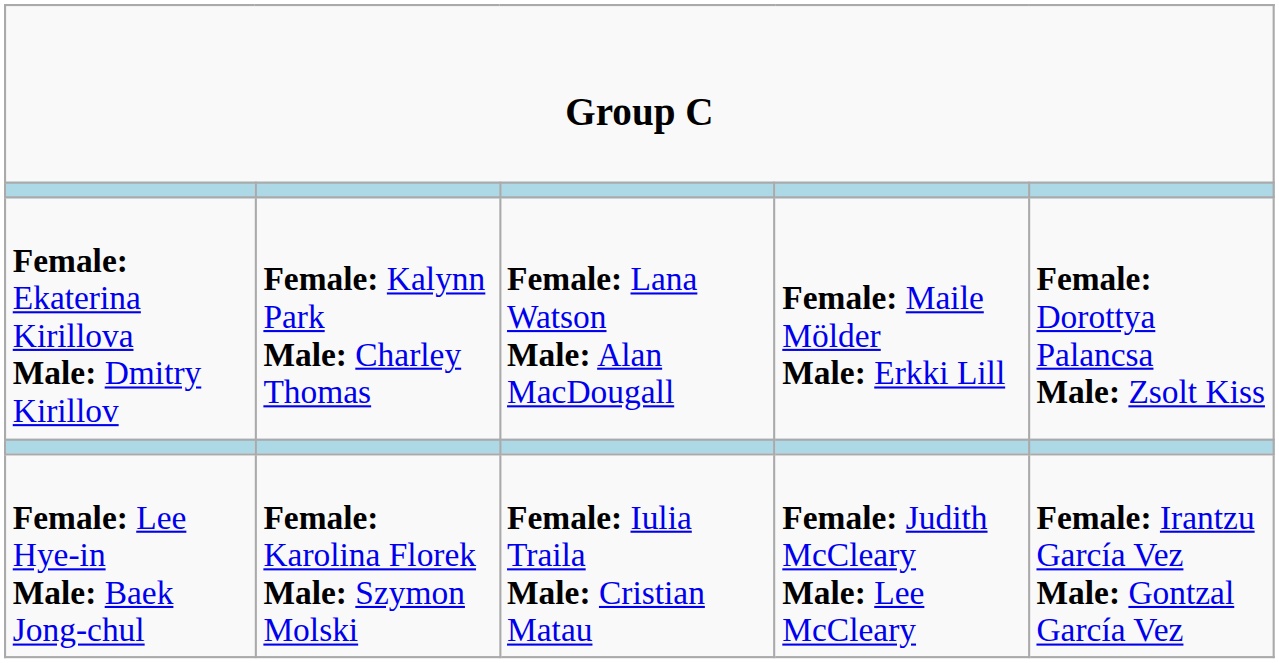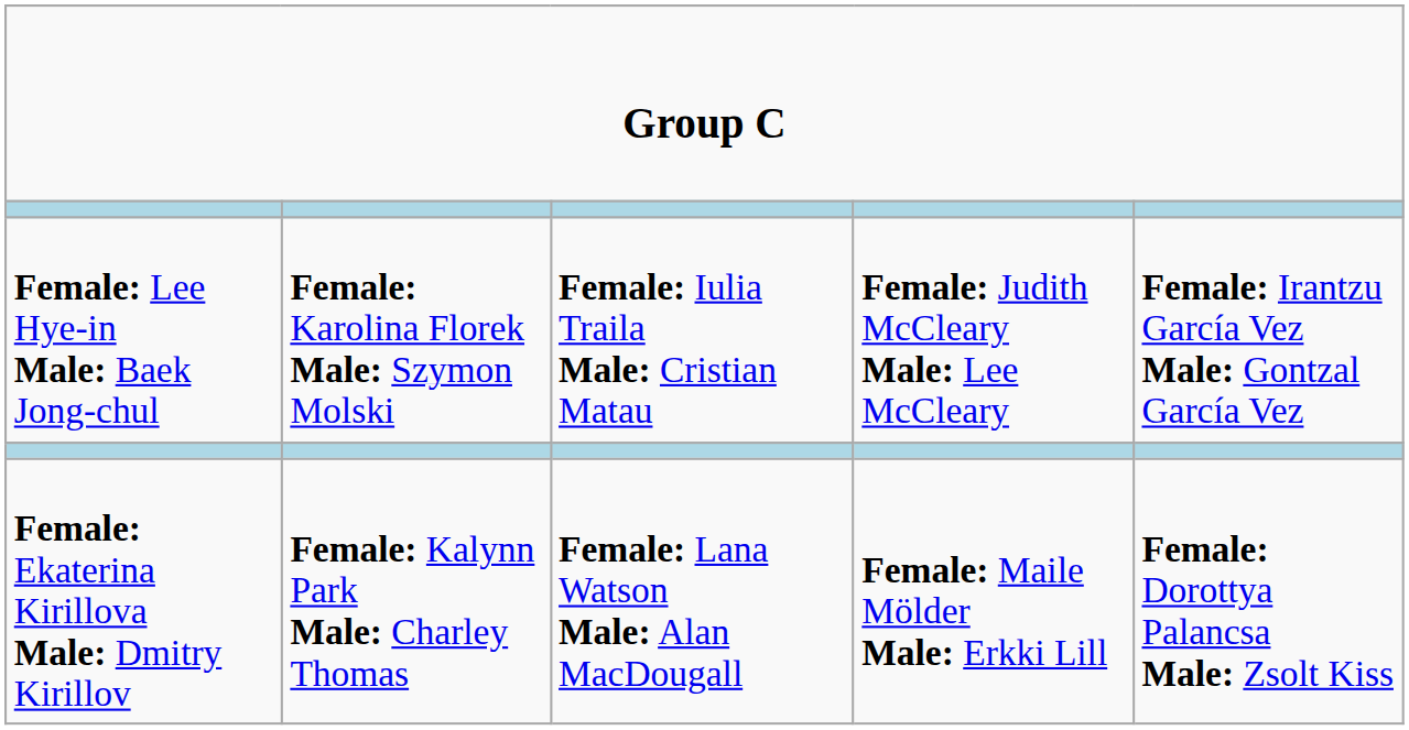 <table class="wikitable">
 <tr>
 <td align=center colspan="5"><br><h3>Group C</h3></td>
+</tr>
+<tr>
+<th style="background: #ADD8E6;" width=200></th>
+<th style="background: #ADD8E6;" width=200></th>
+<th style="background: #ADD8E6;" width=200></th>
+<th style="background: #ADD8E6;" width=200></th>
+<th style="background: #ADD8E6;" width=200></th>
+</tr>
+<tr>
+<td><br><strong>Female:</strong> <a href='#'>Lee Hye-in</a><br>  <strong>Male:</strong> <a href='#'>Baek Jong-chul</a></td>
+<td><br><strong>Female:</strong> <a href='#'>Karolina Florek</a><br>  <strong>Male:</strong> <a href='#'>Szymon Molski</a></td>
+<td><br><strong>Female:</strong> <a href='#'>Iulia Traila</a><br>  <strong>Male:</strong> <a href='#'>Cristian Matau</a></td>
+<td><br><strong>Female:</strong> <a href='#'>Judith McCleary</a><br> <strong>Male:</strong> <a href='#'>Lee McCleary</a></td>
+<td><br><strong>Female:</strong> <a href='#'>Irantzu García Vez</a><br> <strong>Male:</strong> <a href='#'>Gontzal García Vez</a></td>
 </tr>
 <tr>
 <th style="background: #ADD8E6;" width=200></th>
 <th style="background: #ADD8E6;" width=200></th>
 <th style="background: #ADD8E6;" width=200></th>
 <th style="background: #ADD8E6;" width=200></th>
 <th style="background: #ADD8E6;" width=200></th>
 </tr>
 <tr>
 <td><br><strong>Female:</strong> <a href='#'>Ekaterina Kirillova</a><br>  <strong>Male:</strong> <a href='#'>Dmitry Kirillov</a></td>
 <td><br><strong>Female:</strong> <a href='#'>Kalynn Park</a><br>  <strong>Male:</strong> <a href='#'>Charley Thomas</a></td>
 <td><br><strong>Female:</strong> <a href='#'>Lana Watson</a><br>  <strong>Male:</strong> <a href='#'>Alan MacDougall</a></td>
 <td><br><strong>Female:</strong> <a href='#'>Maile Mölder</a><br> <strong>Male:</strong> <a href='#'>Erkki Lill</a></td>
 <td><br><strong>Female:</strong> <a href='#'>Dorottya Palancsa</a><br>  <strong>Male:</strong> <a href='#'>Zsolt Kiss</a></td>
 </tr>
-<tr>
-<th style="background: #ADD8E6;" width=200></th>
-<th style="background: #ADD8E6;" width=200></th>
-<th style="background: #ADD8E6;" width=200></th>
-<th style="background: #ADD8E6;" width=200></th>
-<th style="background: #ADD8E6;" width=200></th>
-</tr>
-<tr>
-<td><br><strong>Female:</strong> <a href='#'>Lee Hye-in</a><br>  <strong>Male:</strong> <a href='#'>Baek Jong-chul</a></td>
-<td><br><strong>Female:</strong> <a href='#'>Karolina Florek</a><br>  <strong>Male:</strong> <a href='#'>Szymon Molski</a></td>
-<td><br><strong>Female:</strong> <a href='#'>Iulia Traila</a><br>  <strong>Male:</strong> <a href='#'>Cristian Matau</a></td>
-<td><br><strong>Female:</strong> <a href='#'>Judith McCleary</a><br> <strong>Male:</strong> <a href='#'>Lee McCleary</a></td>
-<td><br><strong>Female:</strong> <a href='#'>Irantzu García Vez</a><br> <strong>Male:</strong> <a href='#'>Gontzal García Vez</a></td>
-</tr>
 </table>
